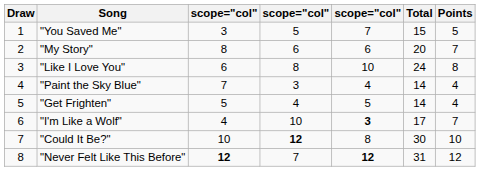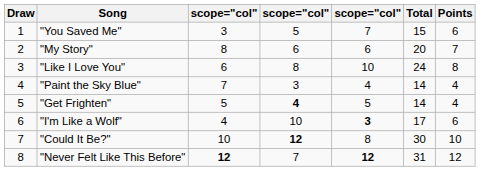 <table class="wikitable collapsible" style="margin: 1em auto 1em auto; text-align:center">
 <tr>
 <th>Draw</th>
 <th>Song</th>
 <th>scope="col" </th>
 <th>scope="col" </th>
 <th>scope="col" </th>
 <th>Total</th>
 <th>Points</th>
 </tr>
 <tr>
 <td>1</td>
 <td align="left">"You Saved Me"</td>
 <td>3</td>
 <td>5</td>
 <td>7</td>
 <td>15</td>
-<td>5</td>
+<td>6</td>
 </tr>
 <tr>
 <td>2</td>
 <td align="left">"My Story"</td>
 <td>8</td>
 <td>6</td>
 <td>6</td>
 <td>20</td>
 <td>7</td>
 </tr>
 <tr>
 <td>3</td>
 <td align="left">"Like I Love You"</td>
 <td>6</td>
 <td>8</td>
 <td>10</td>
 <td>24</td>
 <td>8</td>
 </tr>
 <tr>
 <td>4</td>
 <td align="left">"Paint the Sky Blue"</td>
 <td>7</td>
 <td>3</td>
 <td>4</td>
 <td>14</td>
 <td>4</td>
 </tr>
 <tr>
 <td>5</td>
 <td align="left">"Get Frighten"</td>
 <td>5</td>
-<td>4</td>
+<td><strong>4</strong></td>
 <td>5</td>
 <td>14</td>
 <td>4</td>
 </tr>
 <tr>
 <td>6</td>
 <td align="left">"I'm Like a Wolf"</td>
 <td>4</td>
 <td>10</td>
 <td><strong>3</strong></td>
 <td>17</td>
-<td>7</td>
+<td>6</td>
 </tr>
 <tr>
 <td>7</td>
 <td align="left">"Could It Be?"</td>
 <td>10</td>
 <td><strong>12</strong></td>
 <td>8</td>
 <td>30</td>
 <td>10</td>
 </tr>
 <tr>
 <td>8</td>
 <td align="left">"Never Felt Like This Before"</td>
 <td><strong>12</strong></td>
 <td>7</td>
 <td><strong>12</strong></td>
 <td>31</td>
 <td>12</td>
 </tr>
 </table>
